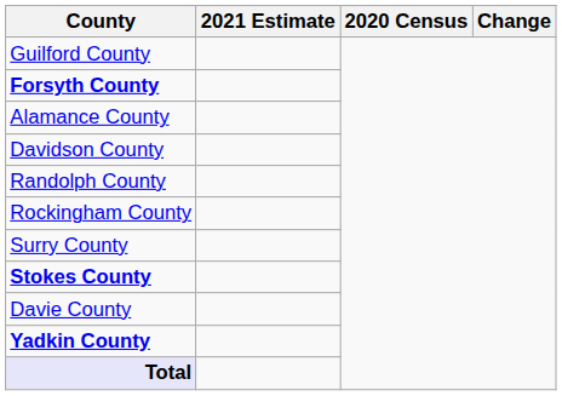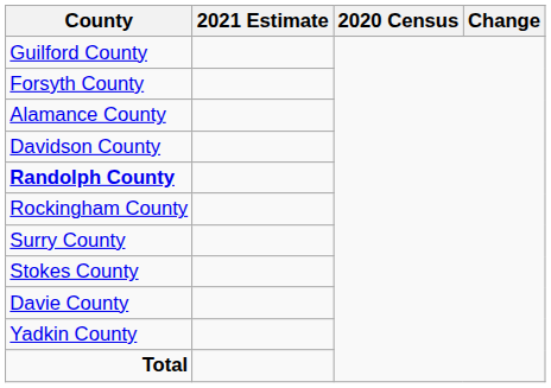 <table class="wikitable sortable">
 <tr>
 <th>County</th>
 <th>2021 Estimate</th>
 <th>2020 Census</th>
 <th>Change</th>
 </tr>
 <tr>
 <td><a href='#'>Guilford County</a></td>
 <td></td>
 </tr>
 <tr>
-<td><strong><a href='#'>Forsyth County</a></strong></td>
+<td><a href='#'>Forsyth County</a></td>
 <td></td>
 </tr>
 <tr>
 <td><a href='#'>Alamance County</a></td>
 <td></td>
 </tr>
 <tr>
 <td><a href='#'>Davidson County</a></td>
 <td></td>
 </tr>
 <tr>
-<td><a href='#'>Randolph County</a></td>
+<td><strong><a href='#'>Randolph County</a></strong></td>
 <td></td>
 </tr>
 <tr>
 <td><a href='#'>Rockingham County</a></td>
 <td></td>
 </tr>
 <tr>
 <td><a href='#'>Surry County</a></td>
 <td></td>
 </tr>
 <tr>
-<td><strong><a href='#'>Stokes County</a></strong></td>
+<td><a href='#'>Stokes County</a></td>
 <td></td>
 </tr>
 <tr>
 <td><a href='#'>Davie County</a></td>
 <td></td>
 </tr>
 <tr>
-<td><strong><a href='#'>Yadkin County</a></strong></td>
+<td><a href='#'>Yadkin County</a></td>
 <td></td>
 </tr>
 <tr class=sortbottom>
-<td align=right style="background: lavender;"><strong>Total</strong></td>
+<td align=right><strong>Total</strong></td>
 <td></td>
 </tr>
 </table>
